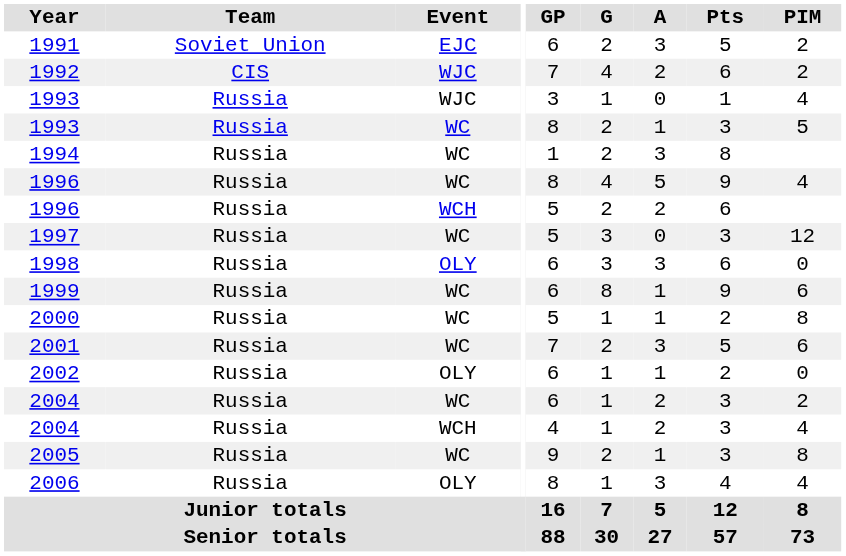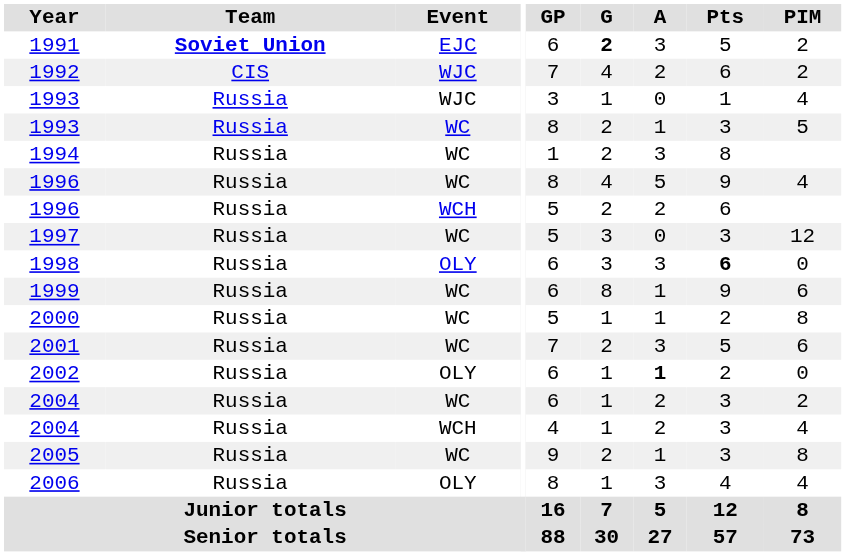 <table border="0" cellpadding="1" cellspacing="0" ID="Table3" style="text-align:center; width:40em">
 <tr bgcolor="#e0e0e0">
 <th>Year</th>
 <th>Team</th>
 <th>Event</th>
 <th rowspan="102" bgcolor="#ffffff"></th>
 <th>GP</th>
 <th>G</th>
 <th>A</th>
 <th>Pts</th>
 <th>PIM</th>
 </tr>
 <tr>
 <td><a href='#'>1991</a></td>
-<td><a href='#'>Soviet Union</a></td>
+<td><strong><a href='#'>Soviet Union</a></strong></td>
 <td><a href='#'>EJC</a></td>
 <td>6</td>
-<td>2</td>
+<td><strong>2</strong></td>
 <td>3</td>
 <td>5</td>
 <td>2</td>
 </tr>
 <tr bgcolor="#f0f0f0">
 <td><a href='#'>1992</a></td>
 <td><a href='#'>CIS</a></td>
 <td><a href='#'>WJC</a></td>
 <td>7</td>
 <td>4</td>
 <td>2</td>
 <td>6</td>
 <td>2</td>
 </tr>
 <tr>
 <td><a href='#'>1993</a></td>
 <td><a href='#'>Russia</a></td>
 <td>WJC</td>
 <td>3</td>
 <td>1</td>
 <td>0</td>
 <td>1</td>
 <td>4</td>
 </tr>
 <tr bgcolor="#f0f0f0">
 <td><a href='#'>1993</a></td>
 <td><a href='#'>Russia</a></td>
 <td><a href='#'>WC</a></td>
 <td>8</td>
 <td>2</td>
 <td>1</td>
 <td>3</td>
 <td>5</td>
 </tr>
 <tr>
 <td><a href='#'>1994</a></td>
 <td>Russia</td>
 <td>WC</td>
 <td 5>1</td>
 <td>2</td>
 <td>3</td>
 <td>8</td>
 </tr>
 <tr bgcolor="#f0f0f0">
 <td><a href='#'>1996</a></td>
 <td>Russia</td>
 <td>WC</td>
 <td>8</td>
 <td>4</td>
 <td>5</td>
 <td>9</td>
 <td>4</td>
 </tr>
 <tr>
 <td><a href='#'>1996</a></td>
 <td>Russia</td>
 <td><a href='#'>WCH</a></td>
 <td>5</td>
 <td 0>2</td>
 <td>2</td>
 <td>6</td>
 </tr>
 <tr bgcolor="#f0f0f0">
 <td><a href='#'>1997</a></td>
 <td>Russia</td>
 <td>WC</td>
 <td>5</td>
 <td>3</td>
 <td>0</td>
 <td>3</td>
 <td>12</td>
 </tr>
 <tr>
 <td><a href='#'>1998</a></td>
 <td>Russia</td>
 <td><a href='#'>OLY</a></td>
 <td>6</td>
 <td>3</td>
 <td>3</td>
-<td>6</td>
+<td><strong>6</strong></td>
 <td>0</td>
 </tr>
 <tr bgcolor="#f0f0f0">
 <td><a href='#'>1999</a></td>
 <td>Russia</td>
 <td>WC</td>
 <td>6</td>
 <td>8</td>
 <td>1</td>
 <td>9</td>
 <td>6</td>
 </tr>
 <tr>
 <td><a href='#'>2000</a></td>
 <td>Russia</td>
 <td>WC</td>
 <td>5</td>
 <td>1</td>
 <td>1</td>
 <td>2</td>
 <td>8</td>
 </tr>
 <tr bgcolor="#f0f0f0">
 <td><a href='#'>2001</a></td>
 <td>Russia</td>
 <td>WC</td>
 <td>7</td>
 <td>2</td>
 <td>3</td>
 <td>5</td>
 <td>6</td>
 </tr>
 <tr>
 <td><a href='#'>2002</a></td>
 <td>Russia</td>
 <td>OLY</td>
 <td>6</td>
 <td>1</td>
-<td>1</td>
+<td><strong>1</strong></td>
 <td>2</td>
 <td>0</td>
 </tr>
 <tr bgcolor="#f0f0f0">
 <td><a href='#'>2004</a></td>
 <td>Russia</td>
 <td>WC</td>
 <td>6</td>
 <td>1</td>
 <td>2</td>
 <td>3</td>
 <td>2</td>
 </tr>
 <tr>
 <td><a href='#'>2004</a></td>
 <td>Russia</td>
 <td>WCH</td>
 <td>4</td>
 <td>1</td>
 <td>2</td>
 <td>3</td>
 <td>4</td>
 </tr>
 <tr bgcolor="#f0f0f0">
 <td><a href='#'>2005</a></td>
 <td>Russia</td>
 <td>WC</td>
 <td>9</td>
 <td>2</td>
 <td>1</td>
 <td>3</td>
 <td>8</td>
 </tr>
 <tr>
 <td><a href='#'>2006</a></td>
 <td>Russia</td>
 <td>OLY</td>
 <td>8</td>
 <td>1</td>
 <td>3</td>
 <td>4</td>
 <td>4</td>
 </tr>
 <tr bgcolor="#e0e0e0">
 <th colspan="4">Junior totals</th>
 <th>16</th>
 <th>7</th>
 <th>5</th>
 <th>12</th>
 <th>8</th>
 </tr>
 <tr bgcolor="#e0e0e0">
 <th colspan="4">Senior totals</th>
 <th>88</th>
 <th>30</th>
 <th>27</th>
 <th>57</th>
 <th>73</th>
 </tr>
 </table>
